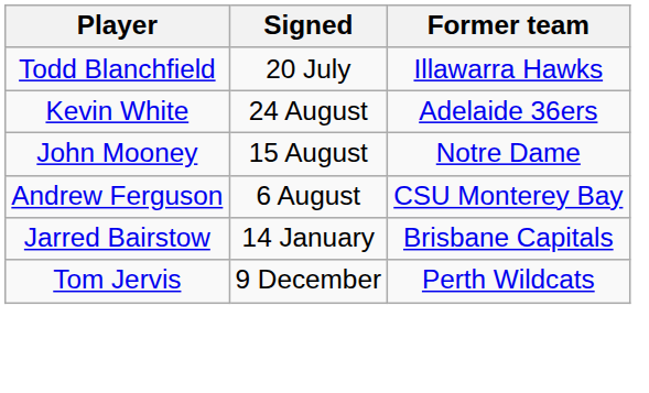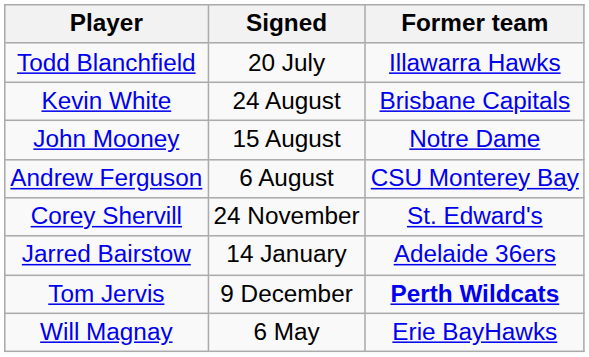 <table class="wikitable sortable sortable" style="text-align: center">
 <tr>
 <th>Player</th>
 <th>Signed</th>
 <th>Former team</th>
 </tr>
 <tr>
 <td><a href='#'>Todd Blanchfield</a></td>
 <td>20 July</td>
 <td><a href='#'>Illawarra Hawks</a></td>
 </tr>
 <tr>
 <td><a href='#'>Kevin White</a></td>
 <td>24 August</td>
-<td><a href='#'>Adelaide 36ers</a></td>
+<td><a href='#'>Brisbane Capitals</a></td>
 </tr>
 <tr>
 <td><a href='#'>John Mooney</a></td>
 <td>15 August</td>
 <td><a href='#'>Notre Dame</a></td>
 </tr>
 <tr>
 <td><a href='#'>Andrew Ferguson</a></td>
 <td>6 August</td>
 <td><a href='#'>CSU Monterey Bay</a></td>
 </tr>
 <tr>
+<td><a href='#'>Corey Shervill</a></td>
+<td>24 November</td>
+<td><a href='#'>St. Edward's</a></td>
+</tr>
+<tr>
 <td><a href='#'>Jarred Bairstow</a></td>
 <td>14 January</td>
-<td><a href='#'>Brisbane Capitals</a></td>
+<td><a href='#'>Adelaide 36ers</a></td>
 </tr>
 <tr>
 <td><a href='#'>Tom Jervis</a></td>
 <td>9 December</td>
-<td><a href='#'>Perth Wildcats</a></td>
+<td><strong><a href='#'>Perth Wildcats</a></strong></td>
+</tr>
+<tr>
+<td><a href='#'>Will Magnay</a></td>
+<td>6 May</td>
+<td><a href='#'>Erie BayHawks</a></td>
 </tr>
 </table>
